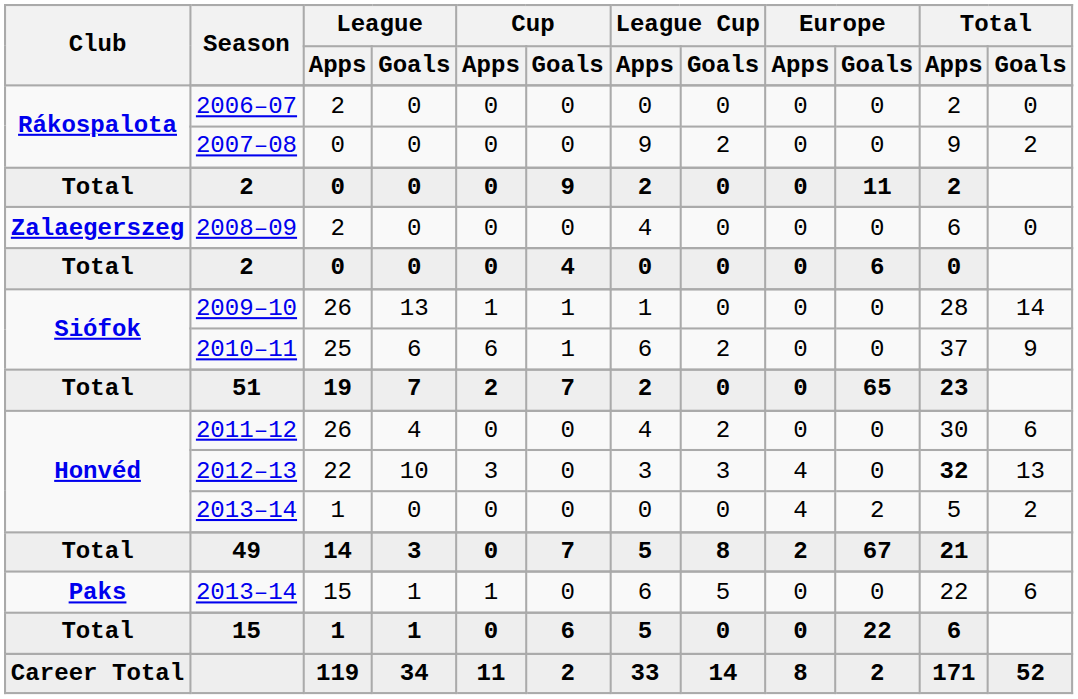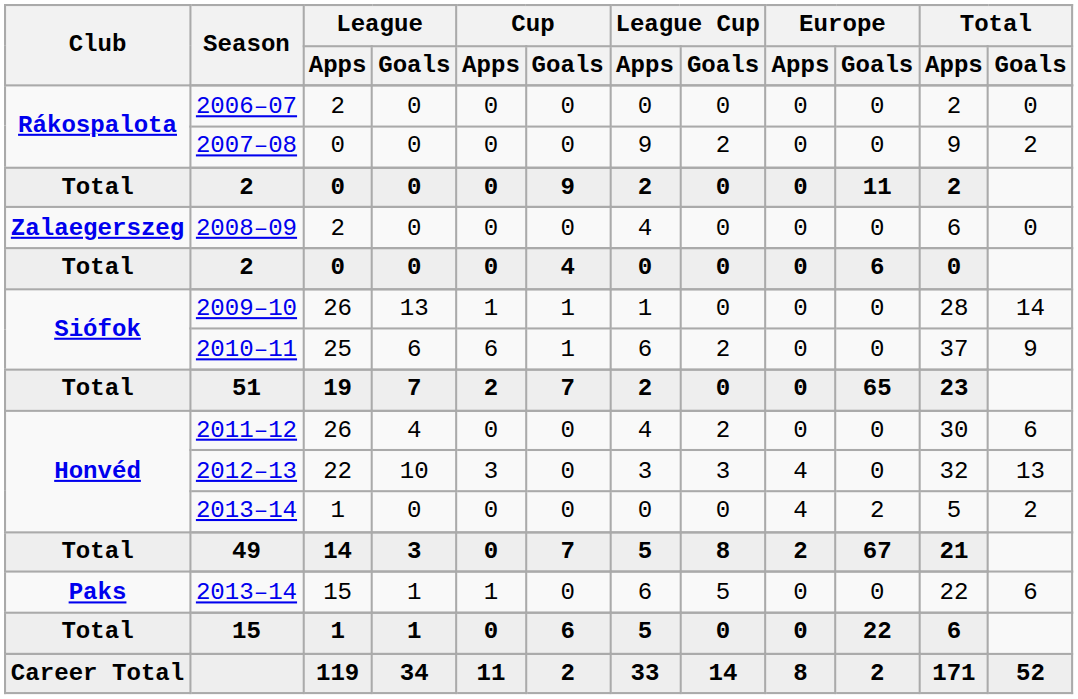 <table class="wikitable" style="font-size:90%; text-align: center;">
 <tr>
 <th rowspan="2">Club</th>
 <th rowspan="2">Season</th>
 <th colspan="2">League</th>
 <th colspan="2">Cup</th>
 <th colspan="2">League Cup</th>
 <th colspan="2">Europe</th>
 <th colspan="2">Total</th>
 </tr>
 <tr>
 <th>Apps</th>
 <th>Goals</th>
 <th>Apps</th>
 <th>Goals</th>
 <th>Apps</th>
 <th>Goals</th>
 <th>Apps</th>
 <th>Goals</th>
 <th>Apps</th>
 <th>Goals</th>
 </tr>
 <tr ||-||-||-|->
 <td rowspan="4" valign="center"><strong><a href='#'>Rákospalota</a></strong></td>
 </tr>
 <tr>
 <td><a href='#'>2006–07</a></td>
 <td>2</td>
 <td>0</td>
 <td>0</td>
 <td>0</td>
 <td>0</td>
 <td>0</td>
 <td>0</td>
 <td>0</td>
 <td>2</td>
 <td>0</td>
 </tr>
 <tr>
 <td><a href='#'>2007–08</a></td>
 <td>0</td>
 <td>0</td>
 <td>0</td>
 <td>0</td>
 <td>9</td>
 <td>2</td>
 <td>0</td>
 <td>0</td>
 <td>9</td>
 <td>2</td>
 </tr>
 <tr>
 </tr>
 <tr style="font-weight:bold; background-color:#eeeeee;">
 <td>Total</td>
 <td>2</td>
 <td>0</td>
 <td>0</td>
 <td>0</td>
 <td>9</td>
 <td>2</td>
 <td>0</td>
 <td>0</td>
 <td>11</td>
 <td>2</td>
 </tr>
 <tr>
 <td rowspan="3" valign="center"><strong><a href='#'>Zalaegerszeg</a></strong></td>
 </tr>
 <tr>
 <td><a href='#'>2008–09</a></td>
 <td>2</td>
 <td>0</td>
 <td>0</td>
 <td>0</td>
 <td>4</td>
 <td>0</td>
 <td>0</td>
 <td>0</td>
 <td>6</td>
 <td>0</td>
 </tr>
 <tr>
 </tr>
 <tr style="font-weight:bold; background-color:#eeeeee;">
 <td>Total</td>
 <td>2</td>
 <td>0</td>
 <td>0</td>
 <td>0</td>
 <td>4</td>
 <td>0</td>
 <td>0</td>
 <td>0</td>
 <td>6</td>
 <td>0</td>
 </tr>
 <tr>
 <td rowspan="4" valign="center"><strong><a href='#'>Siófok</a></strong></td>
 </tr>
 <tr>
 <td><a href='#'>2009–10</a></td>
 <td>26</td>
 <td>13</td>
 <td>1</td>
 <td>1</td>
 <td>1</td>
 <td>0</td>
 <td>0</td>
 <td>0</td>
 <td>28</td>
 <td>14</td>
 </tr>
 <tr>
 <td><a href='#'>2010–11</a></td>
 <td>25</td>
 <td>6</td>
 <td>6</td>
 <td>1</td>
 <td>6</td>
 <td>2</td>
 <td>0</td>
 <td>0</td>
 <td>37</td>
 <td>9</td>
 </tr>
 <tr>
 </tr>
 <tr style="font-weight:bold; background-color:#eeeeee;">
 <td>Total</td>
 <td>51</td>
 <td>19</td>
 <td>7</td>
 <td>2</td>
 <td>7</td>
 <td>2</td>
 <td>0</td>
 <td>0</td>
 <td>65</td>
 <td>23</td>
 </tr>
 <tr>
 <td rowspan="5" valign="center"><strong><a href='#'>Honvéd</a></strong></td>
 </tr>
 <tr>
 <td><a href='#'>2011–12</a></td>
 <td>26</td>
 <td>4</td>
 <td>0</td>
 <td>0</td>
 <td>4</td>
 <td>2</td>
 <td>0</td>
 <td>0</td>
 <td>30</td>
 <td>6</td>
 </tr>
 <tr>
 <td><a href='#'>2012–13</a></td>
 <td>22</td>
 <td>10</td>
 <td>3</td>
 <td>0</td>
 <td>3</td>
 <td>3</td>
 <td>4</td>
 <td>0</td>
-<td><strong>32</strong></td>
+<td>32</td>
 <td>13</td>
 </tr>
 <tr>
 <td><a href='#'>2013–14</a></td>
 <td>1</td>
 <td>0</td>
 <td>0</td>
 <td>0</td>
 <td>0</td>
 <td>0</td>
 <td>4</td>
 <td>2</td>
 <td>5</td>
 <td>2</td>
 </tr>
 <tr>
 </tr>
 <tr style="font-weight:bold; background-color:#eeeeee;">
 <td>Total</td>
 <td>49</td>
 <td>14</td>
 <td>3</td>
 <td>0</td>
 <td>7</td>
 <td>5</td>
 <td>8</td>
 <td>2</td>
 <td>67</td>
 <td>21</td>
 </tr>
 <tr>
 <td rowspan="3" valign="center"><strong><a href='#'>Paks</a></strong></td>
 </tr>
 <tr>
 <td><a href='#'>2013–14</a></td>
 <td>15</td>
 <td>1</td>
 <td>1</td>
 <td>0</td>
 <td>6</td>
 <td>5</td>
 <td>0</td>
 <td>0</td>
 <td>22</td>
 <td>6</td>
 </tr>
 <tr>
 </tr>
 <tr style="font-weight:bold; background-color:#eeeeee;">
 <td>Total</td>
 <td>15</td>
 <td>1</td>
 <td>1</td>
 <td>0</td>
 <td>6</td>
 <td>5</td>
 <td>0</td>
 <td>0</td>
 <td>22</td>
 <td>6</td>
 </tr>
 <tr>
 </tr>
 <tr style="font-weight:bold; background-color:#eeeeee;">
 <td rowspan="2" valign="top"><strong>Career Total</strong></td>
 <td></td>
 <td><strong>119</strong></td>
 <td><strong>34</strong></td>
 <td><strong>11</strong></td>
 <td><strong>2</strong></td>
 <td><strong>33</strong></td>
 <td><strong>14</strong></td>
 <td><strong>8</strong></td>
 <td><strong>2</strong></td>
 <td><strong>171</strong></td>
 <td><strong>52</strong></td>
 </tr>
 </table>
